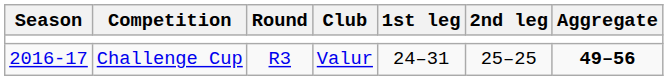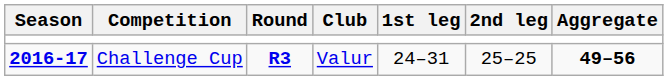 <table class="wikitable">
 <tr>
 <th>Season</th>
 <th>Competition</th>
 <th>Round</th>
 <th>Club</th>
 <th>1st leg</th>
 <th>2nd leg</th>
 <th>Aggregate</th>
 </tr>
 <tr>
 <td colspan="7" bgcolor=white></td>
 </tr>
 <tr>
-<td><a href='#'>2016-17</a></td>
+<td><strong><a href='#'>2016-17</a></strong></td>
 <td><a href='#'>Challenge Cup</a></td>
-<td style="text-align:center;"><a href='#'>R3</a></td>
+<td style="text-align:center;"><strong><a href='#'>R3</a></strong></td>
 <td> <a href='#'>Valur</a></td>
 <td style="text-align:center;">24–31</td>
 <td style="text-align:center;">25–25</td>
 <td style="text-align:center;"><strong>49–56</strong></td>
 </tr>
 </table>
